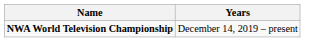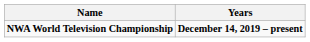 <table class="wikitable">
 <tr>
 <th>Name</th>
 <th>Years</th>
 </tr>
 <tr>
 <td><strong>NWA World Television Championship</strong></td>
-<td>December 14, 2019 – present</td>
+<td><strong>December 14, 2019 – present</strong></td>
 </tr>
 </table>
